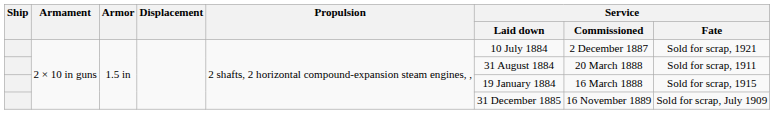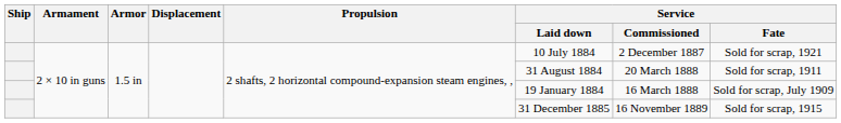 <table class="wikitable plainrowheaders" style="text-align: center;">
 <tr valign="top">
 <th scope="col" rowspan="2">Ship</th>
 <th scope="col" rowspan="2">Armament</th>
 <th scope="col" rowspan="2">Armor</th>
 <th scope="col" rowspan="2">Displacement</th>
 <th scope="col" rowspan="2">Propulsion</th>
 <th scope="col" colspan="3">Service</th>
 </tr>
 <tr valign="top">
 <th scope="col">Laid down</th>
 <th scope="col">Commissioned</th>
 <th scope="col">Fate</th>
 </tr>
 <tr valign="center">
 <th scope="row"></th>
 <td rowspan="4">2 × 10 in guns</td>
 <td rowspan="4">1.5 in</td>
 <td rowspan="4"></td>
 <td rowspan="4">2 shafts, 2 horizontal compound-expansion steam engines, , </td>
 <td>10 July 1884</td>
 <td>2 December 1887</td>
 <td>Sold for scrap, 1921</td>
 </tr>
 <tr valign="center">
 <th scope="row"></th>
 <td>31 August 1884</td>
 <td>20 March 1888</td>
 <td>Sold for scrap, 1911</td>
 </tr>
 <tr valign="center">
 <th scope="row"></th>
 <td>19 January 1884</td>
 <td>16 March 1888</td>
-<td>Sold for scrap, 1915</td>
+<td>Sold for scrap, July 1909</td>
 </tr>
 <tr valign="center">
 <th scope="row"></th>
 <td>31 December 1885</td>
 <td>16 November 1889</td>
-<td>Sold for scrap, July 1909</td>
+<td>Sold for scrap, 1915</td>
 </tr>
 </table>
